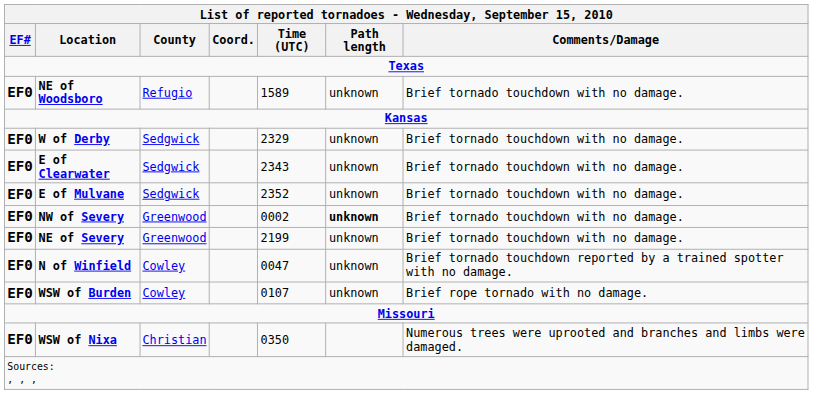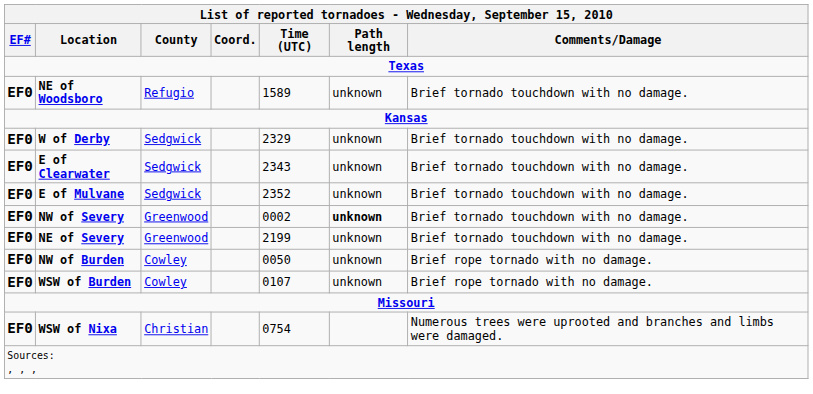 <table class="wikitable collapsible" width="100%">
 <tr>
 <th colspan="7">List of reported tornadoes - Wednesday, September 15, 2010</th>
 </tr>
 <tr>
 <th><a href='#'>EF#</a></th>
 <th>Location</th>
 <th>County</th>
 <th>Coord.</th>
 <th>Time (UTC)</th>
 <th>Path length</th>
 <th>Comments/Damage</th>
 </tr>
 <tr>
 <td colspan="7" align=center><strong><a href='#'>Texas</a></strong></td>
 </tr>
 <tr>
 <td><big><strong>EF0</strong></big></td>
 <td><strong>NE of <a href='#'>Woodsboro</a></strong></td>
 <td><a href='#'>Refugio</a></td>
 <td></td>
 <td>1589</td>
 <td>unknown</td>
 <td>Brief tornado touchdown with no damage.</td>
 </tr>
 <tr>
 <td colspan="7" align=center><strong><a href='#'>Kansas</a></strong></td>
 </tr>
 <tr>
 <td><big><strong>EF0</strong></big></td>
 <td><strong>W of <a href='#'>Derby</a></strong></td>
 <td><a href='#'>Sedgwick</a></td>
 <td></td>
 <td>2329</td>
 <td>unknown</td>
 <td>Brief tornado touchdown with no damage.</td>
 </tr>
 <tr>
 <td><big><strong>EF0</strong></big></td>
 <td><strong>E of <a href='#'>Clearwater</a></strong></td>
 <td><a href='#'>Sedgwick</a></td>
 <td></td>
 <td>2343</td>
 <td>unknown</td>
 <td>Brief tornado touchdown with no damage.</td>
 </tr>
 <tr>
 <td><big><strong>EF0</strong></big></td>
 <td><strong>E of <a href='#'>Mulvane</a></strong></td>
 <td><a href='#'>Sedgwick</a></td>
 <td></td>
 <td>2352</td>
 <td>unknown</td>
 <td>Brief tornado touchdown with no damage.</td>
 </tr>
 <tr>
 <td><big><strong>EF0</strong></big></td>
 <td><strong>NW of <a href='#'>Severy</a></strong></td>
 <td><a href='#'>Greenwood</a></td>
 <td></td>
 <td>0002</td>
 <td><strong>unknown</strong></td>
 <td>Brief tornado touchdown with no damage.</td>
 </tr>
 <tr>
 <td><big><strong>EF0</strong></big></td>
 <td><strong>NE of <a href='#'>Severy</a></strong></td>
 <td><a href='#'>Greenwood</a></td>
 <td></td>
 <td>2199</td>
 <td>unknown</td>
 <td>Brief tornado touchdown with no damage.</td>
 </tr>
 <tr>
 <td><big><strong>EF0</strong></big></td>
-<td><strong>N of <a href='#'>Winfield</a></strong></td>
+<td><strong>NW of <a href='#'>Burden</a></strong></td>
 <td><a href='#'>Cowley</a></td>
 <td></td>
-<td>0047</td>
+<td>0050</td>
 <td>unknown</td>
-<td>Brief tornado touchdown reported by a trained spotter with no damage.</td>
+<td>Brief rope tornado with no damage.</td>
 </tr>
 <tr>
 <td><big><strong>EF0</strong></big></td>
 <td><strong>WSW of <a href='#'>Burden</a></strong></td>
 <td><a href='#'>Cowley</a></td>
 <td></td>
 <td>0107</td>
 <td>unknown</td>
 <td>Brief rope tornado with no damage.</td>
 </tr>
 <tr>
 <td colspan="7" align=center><strong><a href='#'>Missouri</a></strong></td>
 </tr>
 <tr>
 <td><big><strong>EF0</strong></big></td>
 <td><strong>WSW of <a href='#'>Nixa</a></strong></td>
 <td><a href='#'>Christian</a></td>
 <td></td>
-<td>0350</td>
+<td>0754</td>
 <td></td>
 <td>Numerous trees were uprooted and branches and limbs were damaged.</td>
 </tr>
 <tr>
 <td colspan="7"><small>Sources:<br>, , , </small></td>
 </tr>
 </table>
